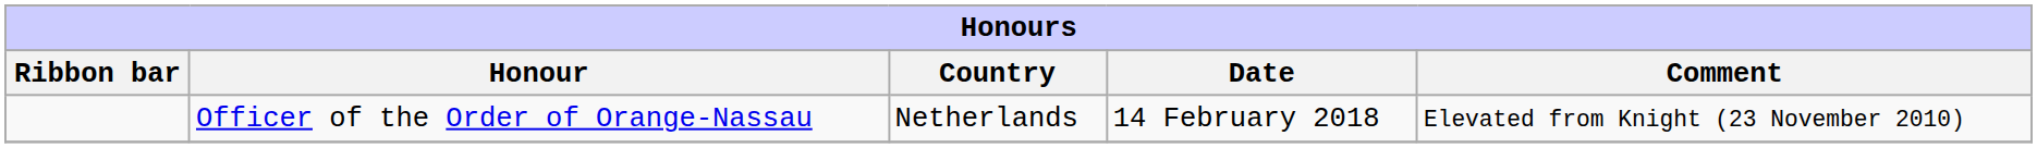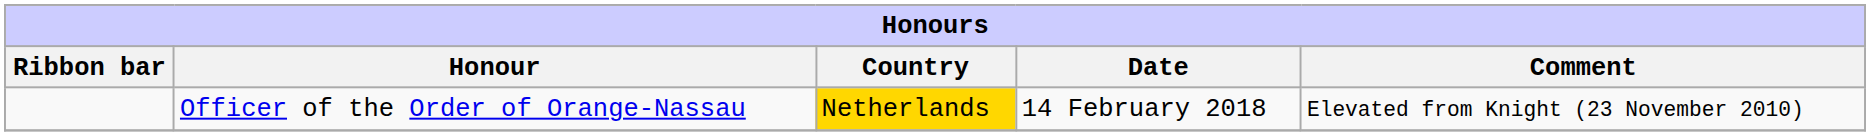 <table class="wikitable" style="width:60%;">
 <tr style="background:#ccf; text-align:center;">
 <td colspan=5><strong>Honours</strong></td>
 </tr>
 <tr>
 <th style="width:80px;">Ribbon bar</th>
 <th>Honour</th>
 <th>Country</th>
 <th>Date</th>
 <th>Comment</th>
 </tr>
 <tr>
 <td></td>
 <td><a href='#'>Officer</a> of the <a href='#'>Order of Orange-Nassau</a></td>
-<td>Netherlands</td>
+<td style="background: gold;">Netherlands</td>
 <td>14 February 2018</td>
 <td><small>Elevated from Knight (23 November 2010)</small></td>
 </tr>
 <tr>
 </tr>
 </table>
